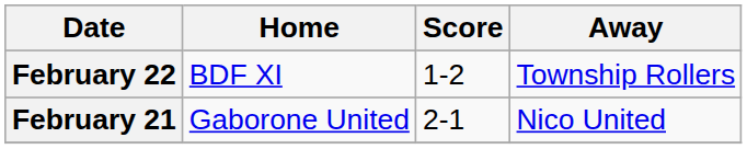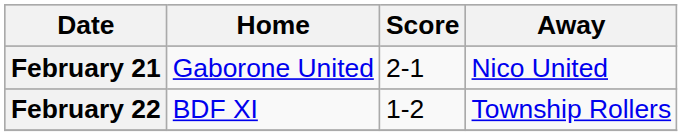 <table class="wikitable sortable plainrowheaders">
 <tr>
 <th scope="col">Date</th>
 <th scope="col">Home</th>
 <th scope="col">Score</th>
 <th scope="col">Away</th>
 </tr>
 <tr>
+<th scope="row">February 21</th>
+<td><a href='#'>Gaborone United</a></td>
+<td>2-1</td>
+<td><a href='#'>Nico United</a></td>
+</tr>
+<tr>
 <th scope="row">February 22</th>
 <td><a href='#'>BDF XI</a></td>
 <td>1-2</td>
 <td><a href='#'>Township Rollers</a></td>
 </tr>
 <tr>
-<th scope="row">February 21</th>
-<td><a href='#'>Gaborone United</a></td>
-<td>2-1</td>
-<td><a href='#'>Nico United</a></td>
-</tr>
-<tr>
 </tr>
 </table>
